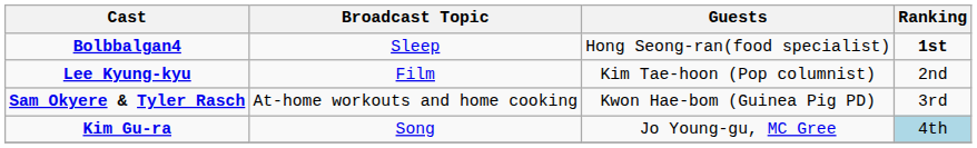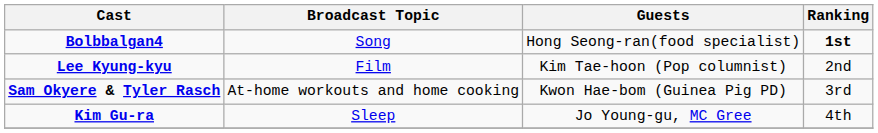 <table class="wikitable" style="font-size:90%;">
 <tr>
 <th>Cast</th>
 <th>Broadcast Topic</th>
 <th>Guests</th>
 <th>Ranking</th>
 </tr>
 <tr align="center">
 <td><strong><a href='#'>Bolbbalgan4</a></strong></td>
-<td><a href='#'>Sleep</a></td>
+<td><a href='#'>Song</a></td>
 <td>Hong Seong-ran(food specialist)</td>
 <td><strong>1st</strong></td>
 </tr>
 <tr align="center">
 <td><strong><a href='#'>Lee Kyung-kyu</a></strong></td>
 <td><a href='#'>Film</a></td>
 <td>Kim Tae-hoon (Pop columnist)</td>
 <td>2nd</td>
 </tr>
 <tr align="center">
 <td><strong><a href='#'>Sam Okyere</a> & <a href='#'>Tyler Rasch</a></strong></td>
 <td>At-home workouts and home cooking</td>
 <td>Kwon Hae-bom (Guinea Pig PD)</td>
 <td>3rd</td>
 </tr>
 <tr align="center">
 <td><strong><a href='#'>Kim Gu-ra</a></strong></td>
-<td><a href='#'>Song</a></td>
+<td><a href='#'>Sleep</a></td>
 <td>Jo Young-gu, <a href='#'>MC Gree</a></td>
-<td style="background: lightblue;">4th</td>
+<td>4th</td>
 </tr>
 <tr>
 </tr>
 </table>
